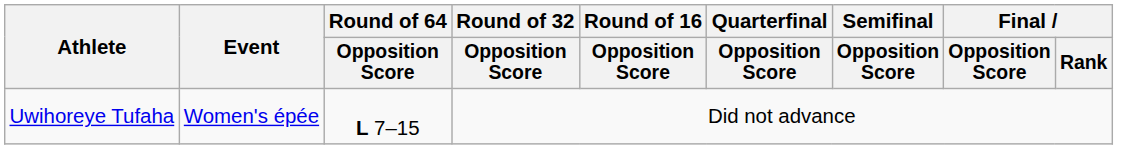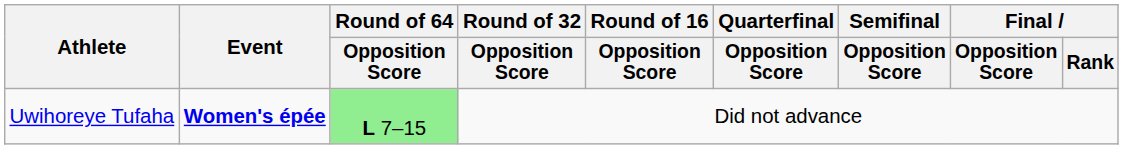 <table class="wikitable" style="font-size:90%">
 <tr>
 <th rowspan="2">Athlete</th>
 <th rowspan="2">Event</th>
 <th>Round of 64</th>
 <th>Round of 32</th>
 <th>Round of 16</th>
 <th>Quarterfinal</th>
 <th>Semifinal</th>
 <th colspan=2>Final / </th>
 </tr>
 <tr style="font-size:95%">
 <th>Opposition <br> Score</th>
 <th>Opposition <br> Score</th>
 <th>Opposition <br> Score</th>
 <th>Opposition <br> Score</th>
 <th>Opposition <br> Score</th>
 <th>Opposition <br> Score</th>
 <th>Rank</th>
 </tr>
 <tr align=center>
 <td align=left><a href='#'>Uwihoreye Tufaha</a></td>
-<td align=left><a href='#'>Women's épée</a></td>
-<td><br><strong>L</strong> 7–15</td>
+<td align=left><strong><a href='#'>Women's épée</a></strong></td>
+<td style="background: lightgreen;"><br><strong>L</strong> 7–15</td>
 <td colspan=6>Did not advance</td>
 </tr>
 </table>
